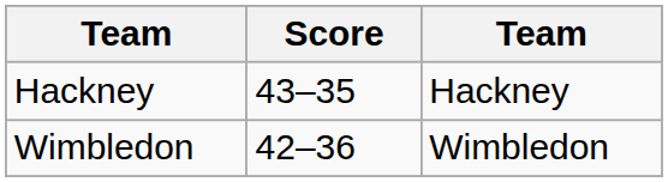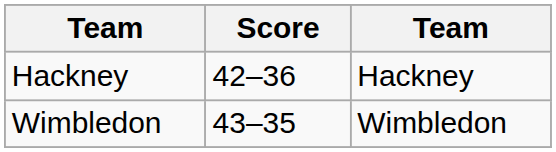 <table class="wikitable" style="font-size: 100%">
 <tr>
 <th width=100>Team</th>
 <th width=70>Score</th>
 <th width=100>Team</th>
 </tr>
 <tr>
 <td>Hackney</td>
-<td>43–35</td>
+<td>42–36</td>
 <td>Hackney</td>
 </tr>
 <tr>
 <td>Wimbledon</td>
-<td>42–36</td>
+<td>43–35</td>
 <td>Wimbledon</td>
 </tr>
 </table>
